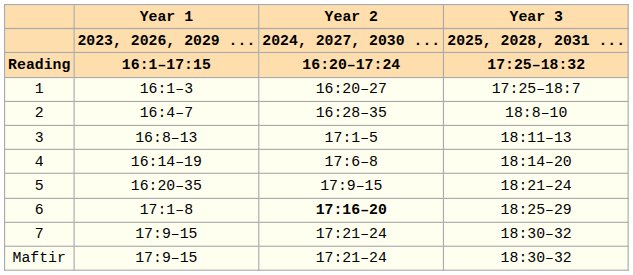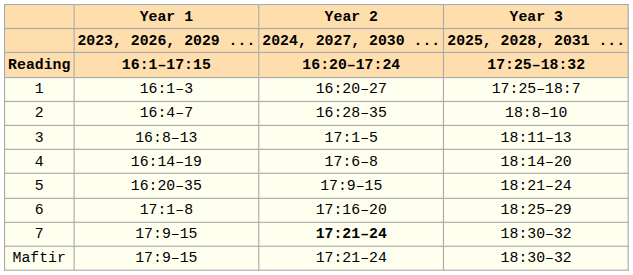 <table class="wikitable" style="background:Ivory; text-align:center">
 <tr>
 <th style="background:Navajowhite;"></th>
 <th style="background:Navajowhite;">Year 1</th>
 <th style="background:Navajowhite;">Year 2</th>
 <th style="background:Navajowhite;">Year 3</th>
 </tr>
 <tr>
 </tr>
 <tr>
 <th style="background:Navajowhite;"></th>
 <th style="background:Navajowhite;">2023, 2026, 2029 ...</th>
 <th style="background:Navajowhite;">2024, 2027, 2030 ...</th>
 <th style="background:Navajowhite;">2025, 2028, 2031 ...</th>
 </tr>
 <tr>
 <th style="background:Navajowhite;">Reading</th>
 <th style="background:Navajowhite;">16:1–17:15</th>
 <th style="background:Navajowhite;">16:20–17:24</th>
 <th style="background:Navajowhite;">17:25–18:32</th>
 </tr>
 <tr>
 <td>1</td>
 <td>16:1–3</td>
 <td>16:20–27</td>
 <td>17:25–18:7</td>
 </tr>
 <tr>
 <td>2</td>
 <td>16:4–7</td>
 <td>16:28–35</td>
 <td>18:8–10</td>
 </tr>
 <tr>
 <td>3</td>
 <td>16:8–13</td>
 <td>17:1–5</td>
 <td>18:11–13</td>
 </tr>
 <tr>
 <td>4</td>
 <td>16:14–19</td>
 <td>17:6–8</td>
 <td>18:14–20</td>
 </tr>
 <tr>
 <td>5</td>
 <td>16:20–35</td>
 <td>17:9–15</td>
 <td>18:21–24</td>
 </tr>
 <tr>
 <td>6</td>
 <td>17:1–8</td>
-<td><strong>17:16–20</strong></td>
+<td>17:16–20</td>
 <td>18:25–29</td>
 </tr>
 <tr>
 <td>7</td>
 <td>17:9–15</td>
-<td>17:21–24</td>
+<td><strong>17:21–24</strong></td>
 <td>18:30–32</td>
 </tr>
 <tr>
 <td>Maftir</td>
 <td>17:9–15</td>
 <td>17:21–24</td>
 <td>18:30–32</td>
 </tr>
 </table>
